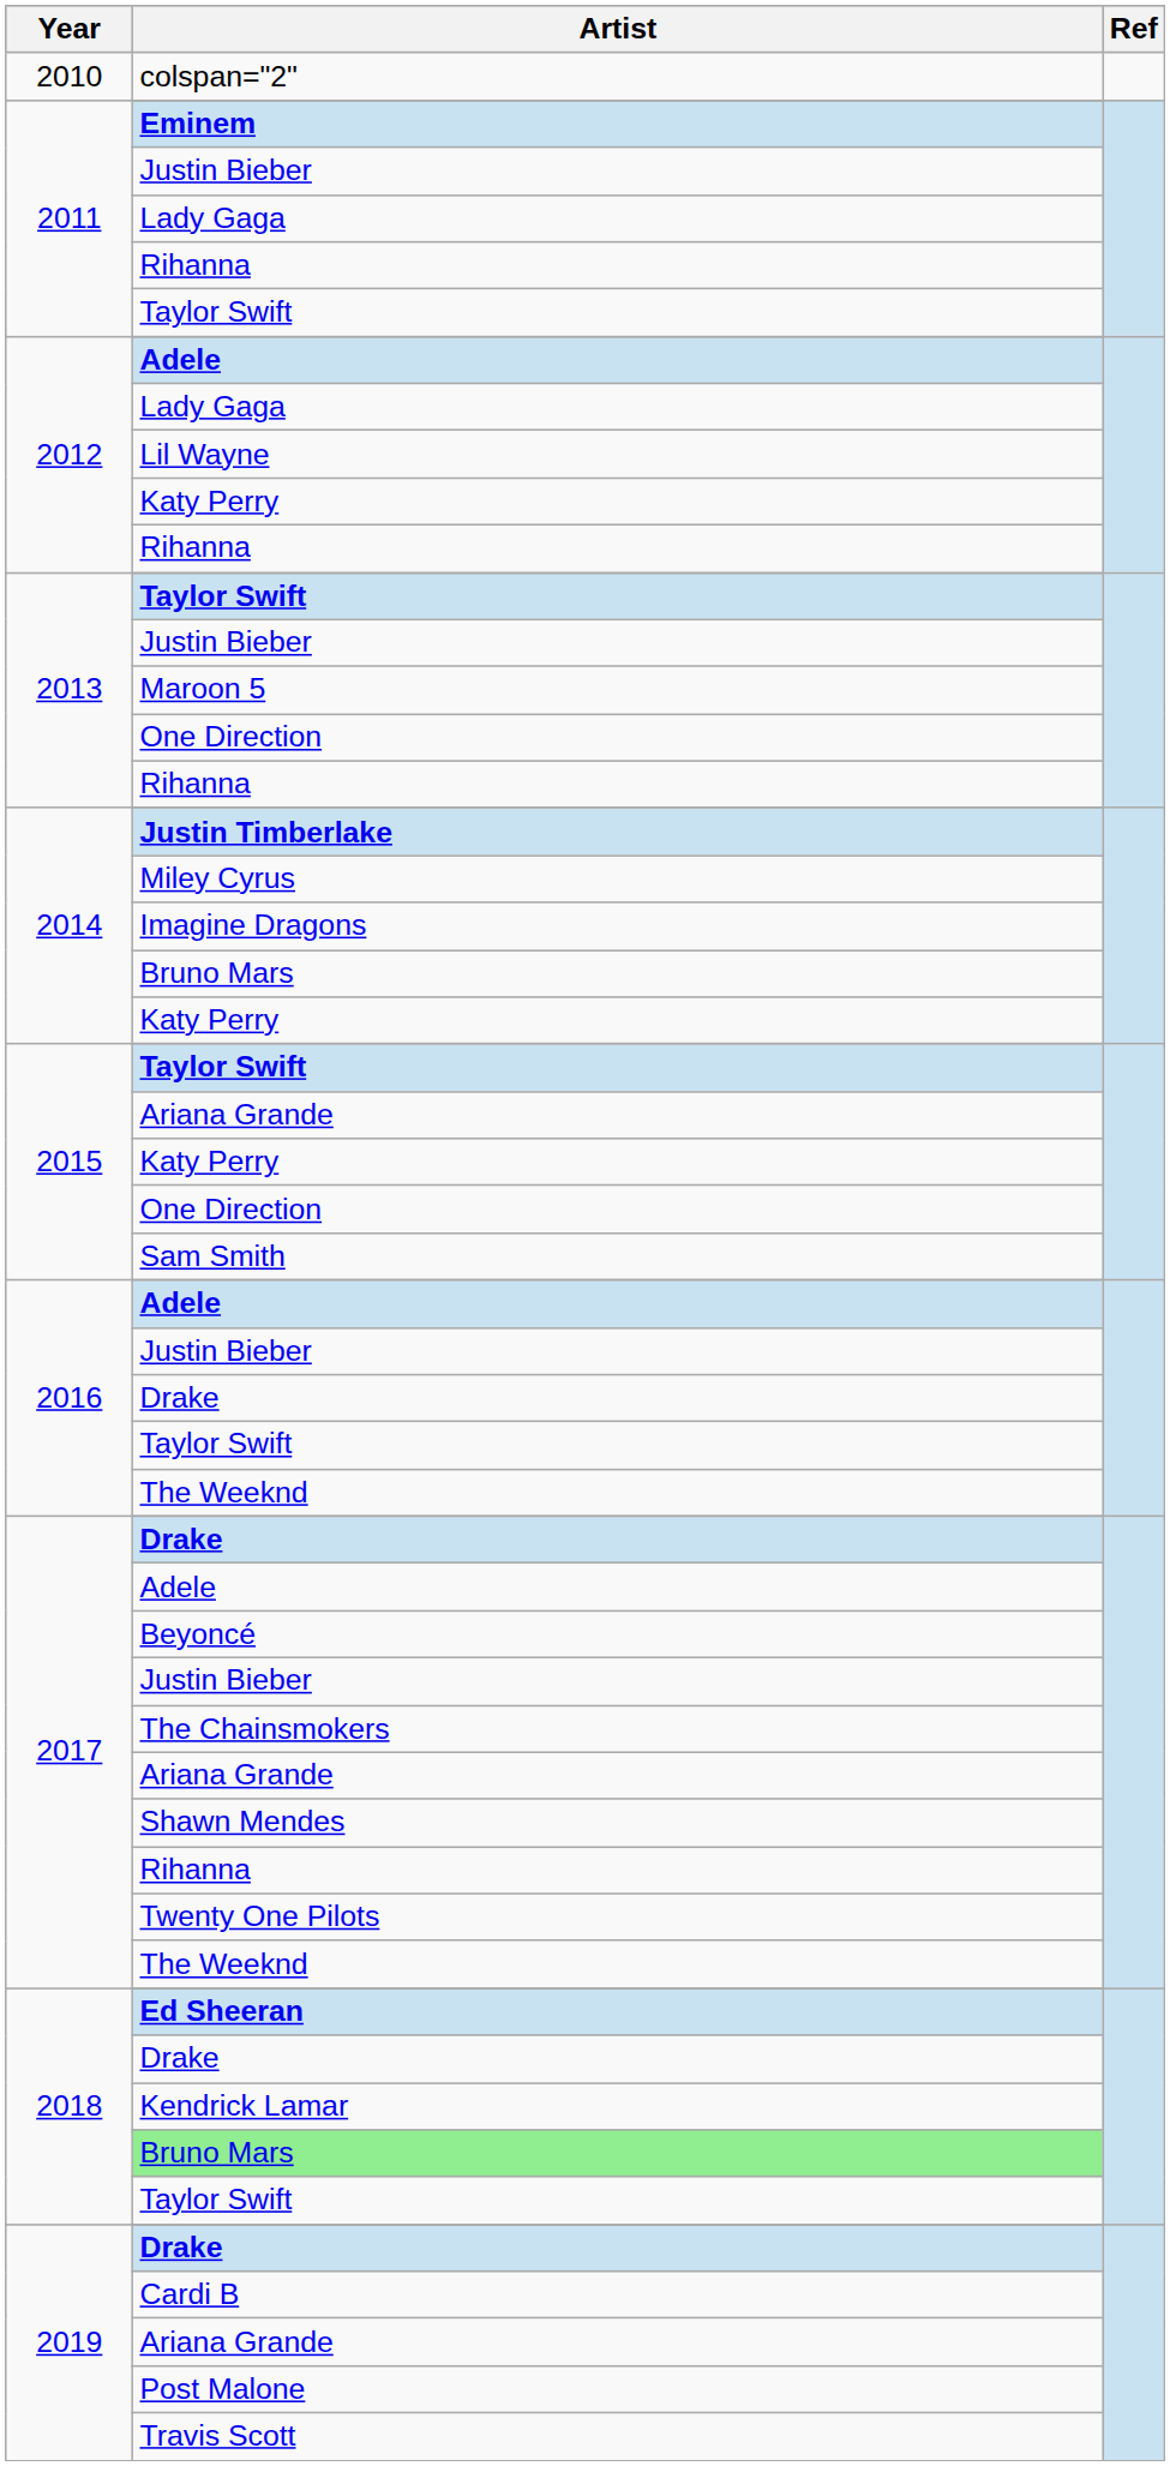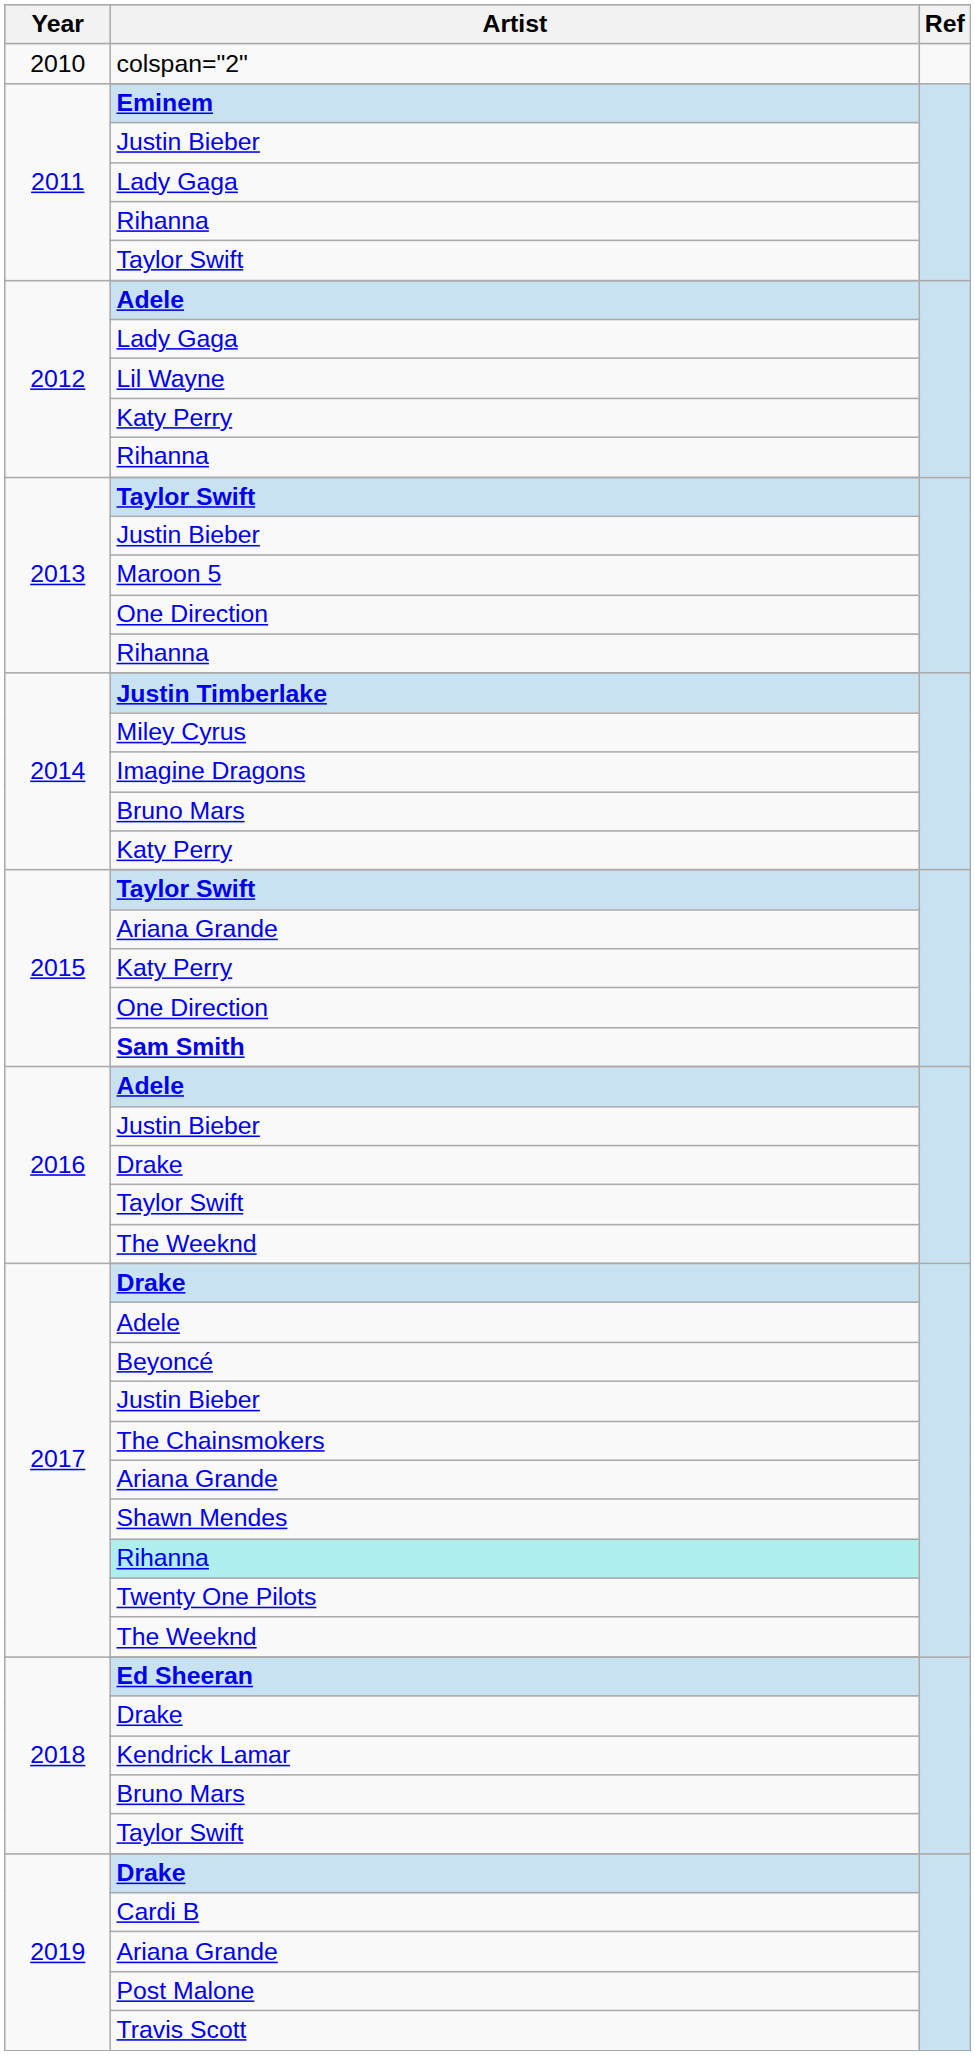 <table class="wikitable" style="width:100%;">
 <tr style="background:#bebebe;">
 <th style="width:11%;">Year</th>
 <th style="width:84%;">Artist</th>
 <th style="width:5%;">Ref</th>
 </tr>
 <tr>
 <td align="center">2010</td>
 <td>colspan="2" </td>
 </tr>
 <tr>
 <td rowspan="6" align="center"><a href='#'>2011</a></td>
 </tr>
 <tr style="background:#c9e2f2">
 <td><strong><a href='#'>Eminem</a></strong></td>
 <td rowspan="6" align="center"></td>
 </tr>
 <tr>
 <td><a href='#'>Justin Bieber</a></td>
 </tr>
 <tr>
 <td><a href='#'>Lady Gaga</a></td>
 </tr>
 <tr>
 <td><a href='#'>Rihanna</a></td>
 </tr>
 <tr>
 <td><a href='#'>Taylor Swift</a></td>
 </tr>
 <tr>
 <td rowspan="6" align="center"><a href='#'>2012</a></td>
 </tr>
 <tr style="background:#c9e2f2">
 <td><strong><a href='#'>Adele</a></strong></td>
 <td rowspan="6" align="center"></td>
 </tr>
 <tr>
 <td><a href='#'>Lady Gaga</a></td>
 </tr>
 <tr>
 <td><a href='#'>Lil Wayne</a></td>
 </tr>
 <tr>
 <td><a href='#'>Katy Perry</a></td>
 </tr>
 <tr>
 <td><a href='#'>Rihanna</a></td>
 </tr>
 <tr>
 <td rowspan="6" align="center"><a href='#'>2013</a></td>
 </tr>
 <tr style="background:#c9e2f2">
 <td><strong><a href='#'>Taylor Swift</a></strong></td>
 <td rowspan="6" align="center"></td>
 </tr>
 <tr>
 <td><a href='#'>Justin Bieber</a></td>
 </tr>
 <tr>
 <td><a href='#'>Maroon 5</a></td>
 </tr>
 <tr>
 <td><a href='#'>One Direction</a></td>
 </tr>
 <tr>
 <td><a href='#'>Rihanna</a></td>
 </tr>
 <tr>
 <td rowspan="6" align="center"><a href='#'>2014</a></td>
 </tr>
 <tr style="background:#c9e2f2">
 <td><strong><a href='#'>Justin Timberlake</a></strong></td>
 <td rowspan="6" align="center"></td>
 </tr>
 <tr>
 <td><a href='#'>Miley Cyrus</a></td>
 </tr>
 <tr>
 <td><a href='#'>Imagine Dragons</a></td>
 </tr>
 <tr>
 <td><a href='#'>Bruno Mars</a></td>
 </tr>
 <tr>
 <td><a href='#'>Katy Perry</a></td>
 </tr>
 <tr>
 <td rowspan="6" align="center"><a href='#'>2015</a></td>
 </tr>
 <tr style="background:#c9e2f2">
 <td><strong><a href='#'>Taylor Swift</a></strong></td>
 <td rowspan="6" align="center"></td>
 </tr>
 <tr>
 <td><a href='#'>Ariana Grande</a></td>
 </tr>
 <tr>
 <td><a href='#'>Katy Perry</a></td>
 </tr>
 <tr>
 <td><a href='#'>One Direction</a></td>
 </tr>
 <tr>
-<td><a href='#'>Sam Smith</a></td>
+<td><strong><a href='#'>Sam Smith</a></strong></td>
 </tr>
 <tr>
 <td rowspan="6" align="center"><a href='#'>2016</a></td>
 </tr>
 <tr style="background:#c9e2f2">
 <td><strong><a href='#'>Adele</a></strong></td>
 <td rowspan="6" align="center"></td>
 </tr>
 <tr>
 <td><a href='#'>Justin Bieber</a></td>
 </tr>
 <tr>
 <td><a href='#'>Drake</a></td>
 </tr>
 <tr>
 <td><a href='#'>Taylor Swift</a></td>
 </tr>
 <tr>
 <td><a href='#'>The Weeknd</a></td>
 </tr>
 <tr>
 <td rowspan="11" align="center"><a href='#'>2017</a></td>
 </tr>
 <tr style="background:#c9e2f2">
 <td><strong><a href='#'>Drake</a></strong></td>
 <td rowspan="11" align="center"></td>
 </tr>
 <tr>
 <td><a href='#'>Adele</a></td>
 </tr>
 <tr>
 <td><a href='#'>Beyoncé</a></td>
 </tr>
 <tr>
 <td><a href='#'>Justin Bieber</a></td>
 </tr>
 <tr>
 <td><a href='#'>The Chainsmokers</a></td>
 </tr>
 <tr>
 <td><a href='#'>Ariana Grande</a></td>
 </tr>
 <tr>
 <td><a href='#'>Shawn Mendes</a></td>
 </tr>
 <tr>
-<td><a href='#'>Rihanna</a></td>
+<td style="background: paleturquoise;"><a href='#'>Rihanna</a></td>
 </tr>
 <tr>
 <td><a href='#'>Twenty One Pilots</a></td>
 </tr>
 <tr>
 <td><a href='#'>The Weeknd</a></td>
 </tr>
 <tr>
 <td rowspan="6" align="center"><a href='#'>2018</a></td>
 </tr>
 <tr style="background:#c9e2f2">
 <td><strong><a href='#'>Ed Sheeran</a></strong></td>
 <td rowspan="6" align="center"></td>
 </tr>
 <tr>
 <td><a href='#'>Drake</a></td>
 </tr>
 <tr>
 <td><a href='#'>Kendrick Lamar</a></td>
 </tr>
 <tr>
-<td style="background: lightgreen;"><a href='#'>Bruno Mars</a></td>
+<td><a href='#'>Bruno Mars</a></td>
 </tr>
 <tr>
 <td><a href='#'>Taylor Swift</a></td>
 </tr>
 <tr>
 <td rowspan="6" align="center"><a href='#'>2019</a></td>
 </tr>
 <tr style="background:#c9e2f2">
 <td><a href='#'><strong>Drake</strong></a></td>
 <td rowspan="6"  align="center"></td>
 </tr>
 <tr>
 <td><a href='#'>Cardi B</a></td>
 </tr>
 <tr>
 <td><a href='#'>Ariana Grande</a></td>
 </tr>
 <tr>
 <td><a href='#'>Post Malone</a></td>
 </tr>
 <tr>
 <td><a href='#'>Travis Scott</a></td>
 </tr>
 </table>
